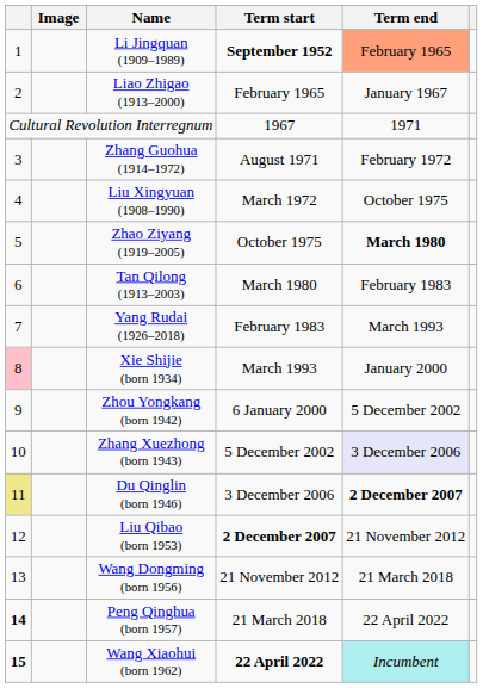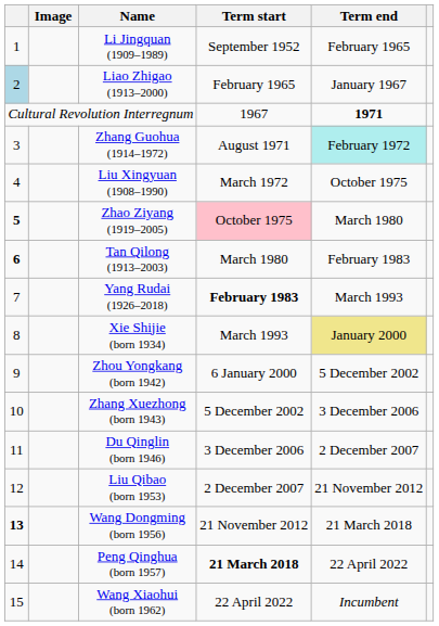 <table class="wikitable" style="text-align:center">
 <tr>
 <th></th>
 <th>Image</th>
 <th>Name</th>
 <th>Term start</th>
 <th>Term end</th>
 <th></th>
 </tr>
 <tr>
 <td>1</td>
 <td></td>
 <td><a href='#'>Li Jingquan</a><br><small>(1909–1989)</small></td>
-<td><strong>September 1952</strong></td>
-<td style="background: lightsalmon;">February 1965</td>
+<td>September 1952</td>
+<td>February 1965</td>
 <td></td>
 </tr>
 <tr>
-<td>2</td>
+<td style="background: lightblue;">2</td>
 <td></td>
 <td><a href='#'>Liao Zhigao</a><br><small>(1913–2000)</small></td>
 <td>February 1965</td>
 <td>January 1967</td>
 <td></td>
 </tr>
 <tr>
 <td colspan="3"><em>Cultural Revolution Interregnum</em></td>
 <td>1967</td>
-<td>1971</td>
+<td><strong>1971</strong></td>
 <td></td>
 </tr>
 <tr>
 <td>3</td>
 <td></td>
 <td><a href='#'>Zhang Guohua</a><br><small>(1914–1972)</small></td>
 <td>August 1971</td>
-<td>February 1972</td>
+<td style="background: paleturquoise;">February 1972</td>
 <td></td>
 </tr>
 <tr>
 <td>4</td>
 <td></td>
 <td><a href='#'>Liu Xingyuan</a><br><small>(1908–1990)</small></td>
 <td>March 1972</td>
 <td>October 1975</td>
 <td></td>
 </tr>
 <tr>
-<td>5</td>
+<td><strong>5</strong></td>
 <td></td>
 <td><a href='#'>Zhao Ziyang</a><br><small>(1919–2005)</small></td>
-<td>October 1975</td>
-<td><strong>March 1980</strong></td>
+<td style="background: pink;">October 1975</td>
+<td>March 1980</td>
 <td></td>
 </tr>
 <tr>
-<td>6</td>
+<td><strong>6</strong></td>
 <td></td>
 <td><a href='#'>Tan Qilong</a><br><small>(1913–2003)</small></td>
 <td>March 1980</td>
 <td>February 1983</td>
 <td></td>
 </tr>
 <tr>
 <td>7</td>
 <td></td>
 <td><a href='#'>Yang Rudai</a><br><small>(1926–2018)</small></td>
-<td>February 1983</td>
+<td><strong>February 1983</strong></td>
 <td>March 1993</td>
 <td></td>
 </tr>
 <tr>
-<td style="background: pink;">8</td>
+<td>8</td>
 <td></td>
 <td><a href='#'>Xie Shijie</a><br><small>(born 1934)</small></td>
 <td>March 1993</td>
-<td>January 2000</td>
+<td style="background: khaki;">January 2000</td>
 <td></td>
 </tr>
 <tr>
 <td>9</td>
 <td></td>
 <td><a href='#'>Zhou Yongkang</a><br><small>(born 1942)</small></td>
 <td>6 January 2000</td>
 <td>5 December 2002</td>
 <td></td>
 </tr>
 <tr>
 <td>10</td>
 <td></td>
 <td><a href='#'>Zhang Xuezhong</a><br><small>(born 1943)</small></td>
 <td>5 December 2002</td>
-<td style="background: lavender;">3 December 2006</td>
+<td>3 December 2006</td>
 <td></td>
 </tr>
 <tr>
-<td style="background: khaki;">11</td>
+<td>11</td>
 <td></td>
 <td><a href='#'>Du Qinglin</a><br><small>(born 1946)</small></td>
 <td>3 December 2006</td>
-<td><strong>2 December 2007</strong></td>
+<td>2 December 2007</td>
 <td></td>
 </tr>
 <tr>
 <td>12</td>
 <td></td>
 <td><a href='#'>Liu Qibao</a><br><small>(born 1953)</small></td>
-<td><strong>2 December 2007</strong></td>
+<td>2 December 2007</td>
 <td>21 November 2012</td>
 <td></td>
 </tr>
 <tr>
-<td>13</td>
+<td><strong>13</strong></td>
 <td></td>
 <td><a href='#'>Wang Dongming</a><br><small>(born 1956)</small></td>
 <td>21 November 2012</td>
 <td>21 March 2018</td>
 <td></td>
 </tr>
 <tr>
-<td><strong>14</strong></td>
+<td>14</td>
 <td></td>
 <td><a href='#'>Peng Qinghua</a><br><small>(born 1957)</small></td>
-<td>21 March 2018</td>
+<td><strong>21 March 2018</strong></td>
 <td>22 April 2022</td>
 <td></td>
 </tr>
 <tr>
-<td><strong>15</strong></td>
+<td>15</td>
 <td></td>
 <td><a href='#'>Wang Xiaohui</a><br><small>(born 1962)</small></td>
-<td><strong>22 April 2022</strong></td>
-<td style="background: paleturquoise;"><em>Incumbent</em></td>
+<td>22 April 2022</td>
+<td><em>Incumbent</em></td>
 <td></td>
 </tr>
 </table>
